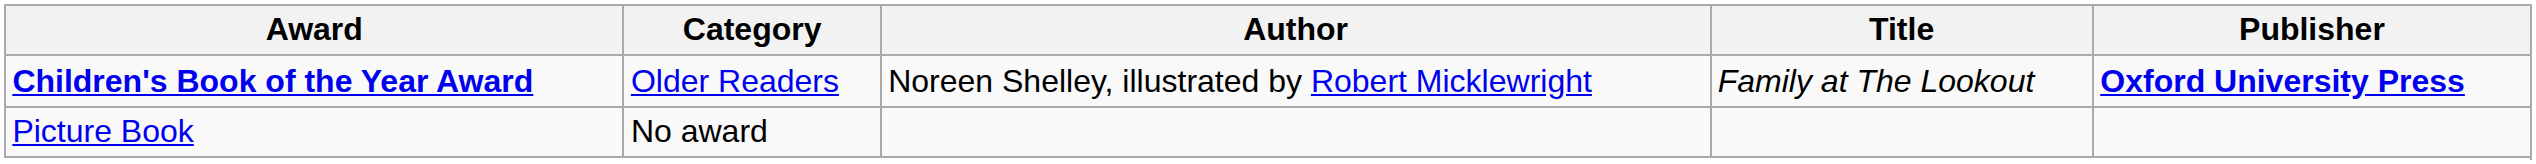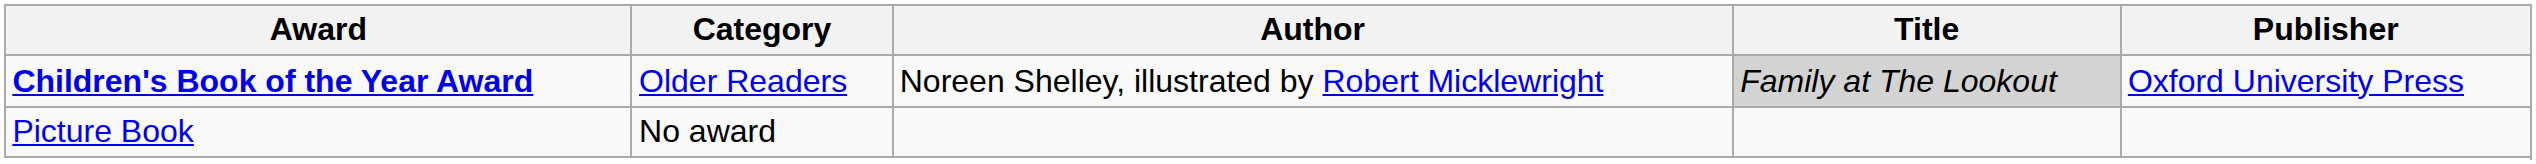 <table class="wikitable" width=100%>
 <tr>
 <th>Award</th>
 <th>Category</th>
 <th>Author</th>
 <th>Title</th>
 <th>Publisher</th>
 </tr>
 <tr>
 <td rowspan=2><strong><a href='#'>Children's Book of the Year Award</a></strong></td>
 <td><a href='#'>Older Readers</a></td>
 <td>Noreen Shelley, illustrated by <a href='#'>Robert Micklewright</a></td>
-<td><em>Family at The Lookout</em></td>
-<td><strong><a href='#'>Oxford University Press</a></strong></td>
+<td style="background: lightgrey;"><em>Family at The Lookout</em></td>
+<td><a href='#'>Oxford University Press</a></td>
 </tr>
 <tr>
 </tr>
 <tr>
 <td><a href='#'>Picture Book</a></td>
 <td>No award</td>
 <td></td>
 <td></td>
 </tr>
 <tr>
 </tr>
 </table>
